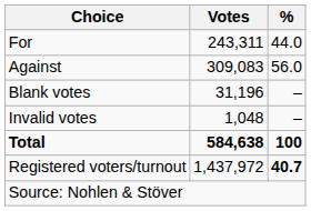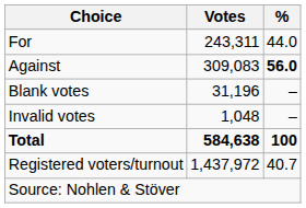 <table class=wikitable style=text-align:right>
 <tr>
 <th>Choice</th>
 <th>Votes</th>
 <th>%</th>
 </tr>
 <tr>
 <td align=left>For</td>
 <td>243,311</td>
 <td>44.0</td>
 </tr>
 <tr>
 <td align=left>Against</td>
 <td>309,083</td>
-<td>56.0</td>
+<td><strong>56.0</strong></td>
 </tr>
 <tr>
 <td align=left>Blank votes</td>
 <td>31,196</td>
 <td>–</td>
 </tr>
 <tr>
 <td align=left>Invalid votes</td>
 <td>1,048</td>
 <td>–</td>
 </tr>
 <tr>
 <td align=left><strong>Total</strong></td>
 <td><strong>584,638</strong></td>
 <td><strong>100</strong></td>
 </tr>
 <tr>
 <td align=left>Registered voters/turnout</td>
 <td>1,437,972</td>
-<td><strong>40.7</strong></td>
+<td>40.7</td>
 </tr>
 <tr>
 <td align=left colspan=6>Source: Nohlen & Stöver</td>
 </tr>
 </table>
